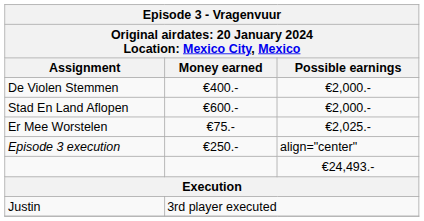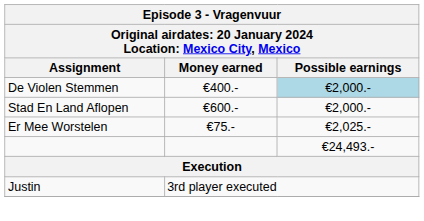 <table class="wikitable" style="font-size: 95%; margin: 10px" align="right" width="40%">
 <tr>
 <th colspan=3>Episode 3 - Vragenvuur</th>
 </tr>
 <tr>
 <th colspan=3>Original airdates: 20 January 2024<br>Location: <a href='#'>Mexico City</a>, <a href='#'>Mexico</a></th>
 </tr>
 <tr>
 <th>Assignment</th>
 <th>Money earned</th>
 <th>Possible earnings</th>
 </tr>
 <tr>
 <td>De Violen Stemmen</td>
 <td align="center">€400.-</td>
-<td align="center">€2,000.-</td>
+<td align="center" style="background: lightblue;">€2,000.-</td>
 </tr>
 <tr>
 <td>Stad En Land Aflopen</td>
 <td align="center">€600.-</td>
 <td align="center">€2,000.-</td>
 </tr>
 <tr>
 <td>Er Mee Worstelen</td>
 <td align="center">€75.-</td>
 <td align="center">€2,025.-</td>
-</tr>
-<tr>
-<td><em>Episode 3 execution</em></td>
-<td align="center">€250.-</td>
-<td>align="center" </td>
 </tr>
 <tr>
 <td><strong></strong></td>
 <td align="center"><strong></strong></td>
 <td align="center">€24,493.-</td>
 </tr>
 <tr>
 <th colspan=3>Execution</th>
 </tr>
 <tr>
 <td>Justin</td>
 <td colspan=2>3rd player executed</td>
 </tr>
 <tr>
 </tr>
 </table>
